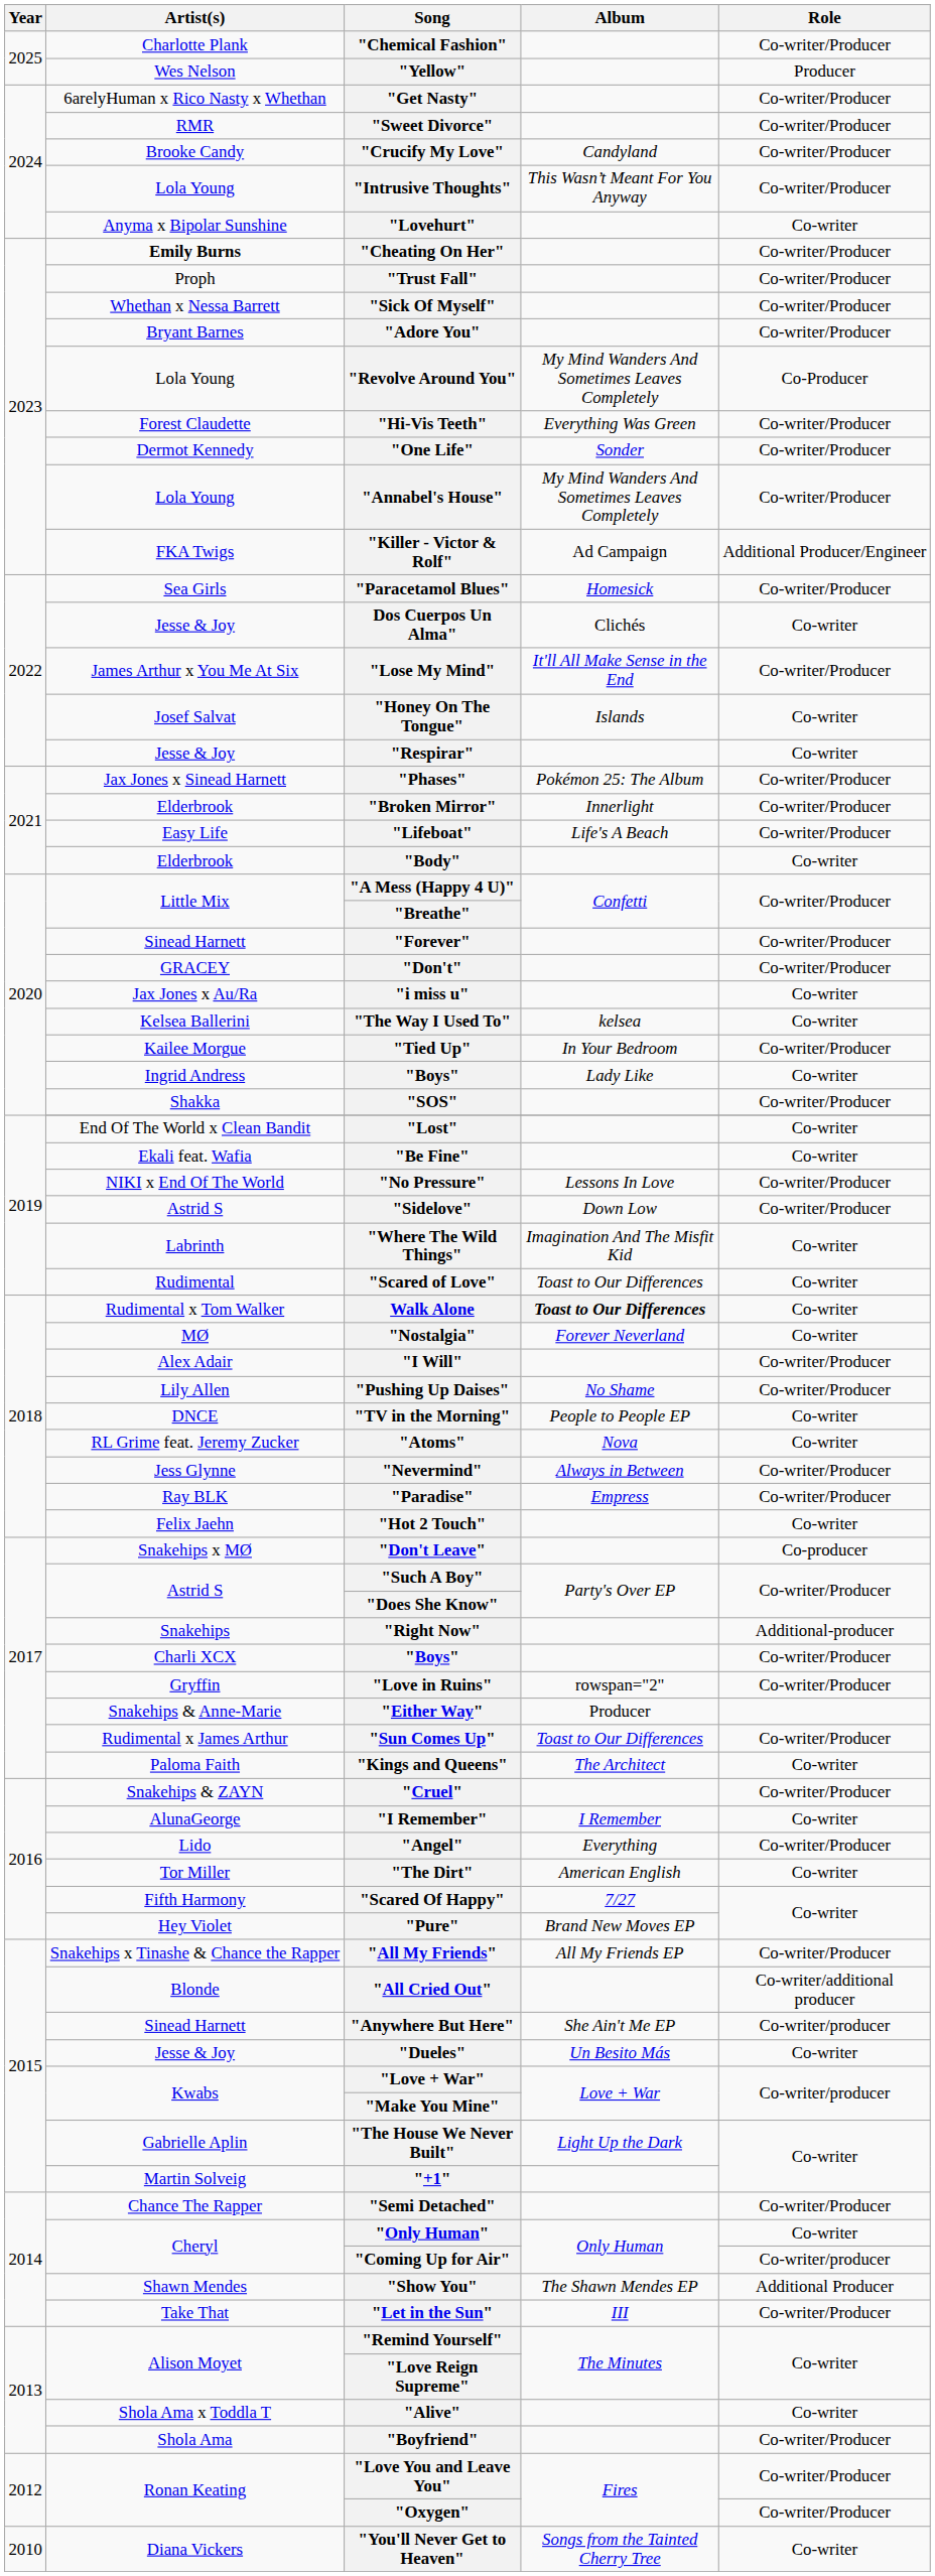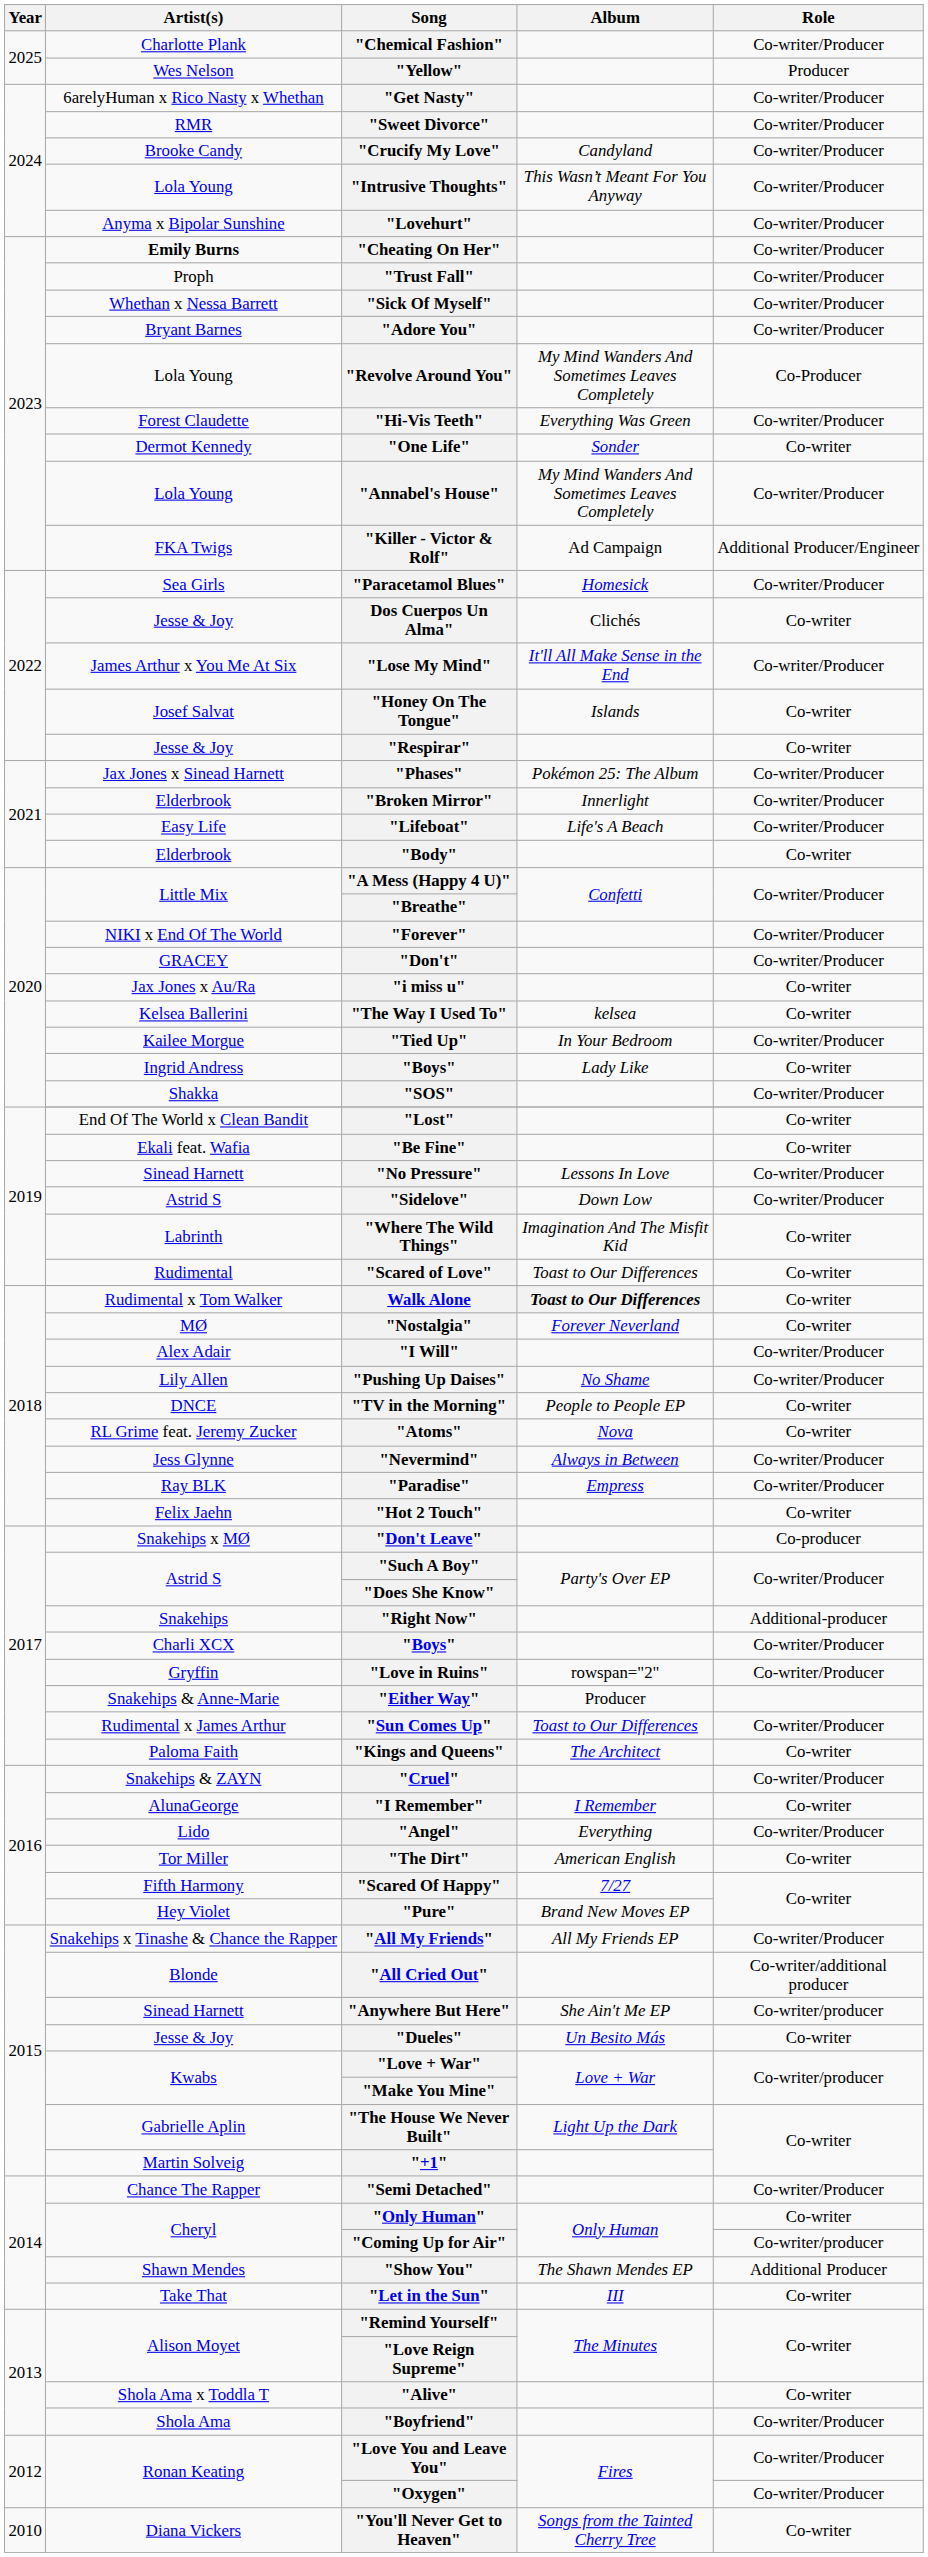 <table class="wikitable plainrowheaders" style="text-align:center;">
 <tr>
 <th scope="col">Year</th>
 <th scope="col">Artist(s)</th>
 <th scope="col" style="width:160px;">Song</th>
 <th scope="col" style="width:180px;">Album</th>
 <th scope="col">Role</th>
 </tr>
 <tr>
 <td rowspan="2">2025</td>
 <td><a href='#'>Charlotte Plank</a></td>
 <th scope="row">"Chemical Fashion"</th>
 <td></td>
 <td>Co-writer/Producer</td>
 </tr>
 <tr>
 <td><a href='#'>Wes Nelson</a></td>
 <th scope="row">"Yellow"</th>
 <td></td>
 <td>Producer</td>
 </tr>
 <tr>
 <td rowspan="5">2024</td>
 <td>6arelyHuman x <a href='#'>Rico Nasty</a> x <a href='#'>Whethan</a></td>
 <th scope="row">"Get Nasty"</th>
 <td></td>
 <td>Co-writer/Producer</td>
 </tr>
 <tr>
 <td><a href='#'>RMR</a></td>
 <th scope="row">"Sweet Divorce"</th>
 <td></td>
 <td>Co-writer/Producer</td>
 </tr>
 <tr>
 <td><a href='#'>Brooke Candy</a></td>
 <th scope="row">"Crucify My Love"</th>
 <td><em>Candyland</em></td>
 <td>Co-writer/Producer</td>
 </tr>
 <tr>
 <td><a href='#'>Lola Young</a></td>
 <th scope="row">"Intrusive Thoughts"</th>
 <td><em>This Wasn’t Meant For You Anyway</em></td>
 <td>Co-writer/Producer</td>
 </tr>
 <tr>
 <td><a href='#'>Anyma</a> x <a href='#'>Bipolar Sunshine</a></td>
 <th scope="row">"Lovehurt"</th>
 <td></td>
-<td>Co-writer</td>
+<td>Co-writer/Producer</td>
 </tr>
 <tr>
 <td rowspan="9">2023</td>
 <td><strong>Emily Burns</strong></td>
 <th scope="row">"Cheating On Her"</th>
 <td></td>
 <td>Co-writer/Producer</td>
 </tr>
 <tr>
 <td>Proph</td>
 <th scope="row">"Trust Fall"</th>
 <td></td>
 <td>Co-writer/Producer</td>
 </tr>
 <tr>
 <td><a href='#'>Whethan</a> x <a href='#'>Nessa Barrett</a></td>
 <th scope="row">"Sick Of Myself"</th>
 <td></td>
 <td>Co-writer/Producer</td>
 </tr>
 <tr>
 <td><a href='#'>Bryant Barnes</a></td>
 <th scope="row">"Adore You"</th>
 <td></td>
 <td>Co-writer/Producer</td>
 </tr>
 <tr>
 <td>Lola Young</td>
 <th scope="row">"Revolve Around You"</th>
 <td><em>My Mind Wanders And Sometimes Leaves Completely</em></td>
 <td>Co-Producer</td>
 </tr>
 <tr>
 <td><a href='#'>Forest Claudette</a></td>
 <th scope="row">"Hi-Vis Teeth"</th>
 <td><em>Everything Was Green</em></td>
 <td>Co-writer/Producer</td>
 </tr>
 <tr>
 <td><a href='#'>Dermot Kennedy</a></td>
 <th scope="row">"One Life"</th>
 <td><em><a href='#'>Sonder</a></em></td>
-<td>Co-writer/Producer</td>
+<td>Co-writer</td>
 </tr>
 <tr>
 <td><a href='#'>Lola Young</a></td>
 <th scope="row">"Annabel's House"</th>
 <td><em>My Mind Wanders And Sometimes Leaves Completely</em></td>
 <td>Co-writer/Producer</td>
 </tr>
 <tr>
 <td><a href='#'>FKA Twigs</a></td>
 <th scope="row">"Killer - Victor & Rolf"</th>
 <td>Ad Campaign</td>
 <td>Additional Producer/Engineer</td>
 </tr>
 <tr>
 <td rowspan="5">2022</td>
 <td><a href='#'>Sea Girls</a></td>
 <th scope="row">"Paracetamol Blues"</th>
 <td><em><a href='#'>Homesick</a></em></td>
 <td>Co-writer/Producer</td>
 </tr>
 <tr>
 <td><a href='#'>Jesse & Joy</a></td>
 <th scope="row">Dos Cuerpos Un Alma"</th>
 <td>Clichés</td>
 <td>Co-writer</td>
 </tr>
 <tr>
 <td><a href='#'>James Arthur</a> x <a href='#'>You Me At Six</a></td>
 <th scope="row">"Lose My Mind"</th>
 <td><em><a href='#'>It'll All Make Sense in the End</a></em></td>
 <td>Co-writer/Producer</td>
 </tr>
 <tr>
 <td><a href='#'>Josef Salvat</a></td>
 <th scope="row">"Honey On The Tongue"</th>
 <td><em>Islands</em></td>
 <td>Co-writer</td>
 </tr>
 <tr>
 <td><a href='#'>Jesse & Joy</a></td>
 <th scope="row">"Respirar"</th>
 <td></td>
 <td>Co-writer</td>
 </tr>
 <tr>
 <td rowspan="4">2021</td>
 <td><a href='#'>Jax Jones</a> x <a href='#'>Sinead Harnett</a></td>
 <th scope="row">"Phases"</th>
 <td><em>Pokémon 25: The Album</em></td>
 <td>Co-writer/Producer</td>
 </tr>
 <tr>
 <td><a href='#'>Elderbrook</a></td>
 <th scope="row">"Broken Mirror"</th>
 <td><em>Innerlight</em></td>
 <td>Co-writer/Producer</td>
 </tr>
 <tr>
 <td><a href='#'>Easy Life</a></td>
 <th scope="row">"Lifeboat"</th>
 <td><em>Life's A Beach</em></td>
 <td>Co-writer/Producer</td>
 </tr>
 <tr>
 <td><a href='#'>Elderbrook</a></td>
 <th scope="row">"Body"</th>
 <td></td>
 <td>Co-writer</td>
 </tr>
 <tr>
 <td rowspan="9">2020</td>
 <td rowspan="2"><a href='#'>Little Mix</a></td>
 <th scope="row">"A Mess (Happy 4 U)"</th>
 <td rowspan="2"><em><a href='#'>Confetti</a></em></td>
 <td rowspan="2">Co-writer/Producer</td>
 </tr>
 <tr>
 <th scope="row">"Breathe"</th>
 </tr>
 <tr>
-<td><a href='#'>Sinead Harnett</a></td>
+<td><a href='#'>NIKI</a> x <a href='#'>End Of The World</a></td>
 <th scope="row">"Forever"</th>
 <td><em></em></td>
 <td>Co-writer/Producer</td>
 </tr>
 <tr>
 <td><a href='#'>GRACEY</a></td>
 <th scope="row">"Don't"</th>
 <td><em></em></td>
 <td>Co-writer/Producer</td>
 </tr>
 <tr>
 <td><a href='#'>Jax Jones</a> x <a href='#'>Au/Ra</a></td>
 <th scope="row">"i miss u"</th>
 <td><em></em></td>
 <td>Co-writer</td>
 </tr>
 <tr>
 <td><a href='#'>Kelsea Ballerini</a></td>
 <th scope="row">"The Way I Used To"</th>
 <td><em>kelsea</em></td>
 <td>Co-writer</td>
 </tr>
 <tr>
 <td><a href='#'>Kailee Morgue</a></td>
 <th scope="row">"Tied Up"</th>
 <td><em>In Your Bedroom</em></td>
 <td>Co-writer/Producer</td>
 </tr>
 <tr>
 <td><a href='#'>Ingrid Andress</a></td>
 <th scope="row">"Boys"</th>
 <td><em>Lady Like</em></td>
 <td>Co-writer</td>
 </tr>
 <tr>
 <td><a href='#'>Shakka</a></td>
 <th scope="row">"SOS"</th>
 <td><em></em></td>
 <td>Co-writer/Producer</td>
 </tr>
 <tr>
 <td rowspan="7">2019</td>
 </tr>
 <tr>
 <td>End Of The World x <a href='#'>Clean Bandit</a></td>
 <th scope="row">"Lost"</th>
 <td></td>
 <td>Co-writer</td>
 </tr>
 <tr>
 <td><a href='#'>Ekali</a> feat. <a href='#'>Wafia</a></td>
 <th scope="row">"Be Fine"</th>
 <td></td>
 <td>Co-writer</td>
 </tr>
 <tr>
-<td><a href='#'>NIKI</a> x <a href='#'>End Of The World</a></td>
+<td><a href='#'>Sinead Harnett</a></td>
 <th scope="row">"No Pressure"</th>
 <td><em>Lessons In Love</em></td>
 <td>Co-writer/Producer</td>
 </tr>
 <tr>
 <td><a href='#'>Astrid S</a></td>
 <th scope="row">"Sidelove"</th>
 <td><em>Down Low</em></td>
 <td>Co-writer/Producer</td>
 </tr>
 <tr>
 <td><a href='#'>Labrinth</a></td>
 <th scope="row">"Where The Wild Things"</th>
 <td><em>Imagination And The Misfit Kid</em></td>
 <td>Co-writer</td>
 </tr>
 <tr>
 <td><a href='#'>Rudimental</a></td>
 <th scope="row">"Scared of Love"<br></th>
 <td><em>Toast to Our Differences</em></td>
 <td>Co-writer</td>
 </tr>
 <tr>
 <td rowspan="10">2018</td>
 </tr>
 <tr>
 <td><a href='#'>Rudimental</a> x <a href='#'>Tom Walker</a></td>
 <th scope="row"><a href='#'>Walk Alone</a></th>
 <th scope="row"><em>Toast to Our Differences</em></th>
 <td>Co-writer</td>
 </tr>
 <tr>
 <td><a href='#'>MØ</a></td>
 <th scope="row">"Nostalgia"</th>
 <td><em><a href='#'>Forever Neverland</a></em></td>
 <td>Co-writer</td>
 </tr>
 <tr>
 <td><a href='#'>Alex Adair</a></td>
 <th scope="row">"I Will"</th>
 <td></td>
 <td>Co-writer/Producer<br></td>
 </tr>
 <tr>
 <td><a href='#'>Lily Allen</a></td>
 <th scope="row">"Pushing Up Daises"</th>
 <td><em><a href='#'>No Shame</a></em></td>
 <td>Co-writer/Producer</td>
 </tr>
 <tr>
 <td><a href='#'>DNCE</a></td>
 <th scope="row">"TV in the Morning"</th>
 <td><em>People to People EP</em></td>
 <td>Co-writer</td>
 </tr>
 <tr>
 <td><a href='#'>RL Grime</a> feat. <a href='#'>Jeremy Zucker</a></td>
 <th scope="row">"Atoms"</th>
 <td><em><a href='#'>Nova</a></em></td>
 <td>Co-writer</td>
 </tr>
 <tr>
 <td><a href='#'>Jess Glynne</a></td>
 <th scope="row">"Nevermind"</th>
 <td><em><a href='#'>Always in Between</a></em></td>
 <td>Co-writer/Producer</td>
 </tr>
 <tr>
 <td><a href='#'>Ray BLK</a></td>
 <th scope="row">"Paradise"</th>
 <td><em><a href='#'>Empress</a></em></td>
 <td>Co-writer/Producer</td>
 </tr>
 <tr>
 <td><a href='#'>Felix Jaehn</a></td>
 <th scope="row">"Hot 2 Touch"</th>
 <td></td>
 <td>Co-writer</td>
 </tr>
 <tr>
 <td rowspan="9">2017</td>
 <td><a href='#'>Snakehips</a> x <a href='#'>MØ</a></td>
 <th scope="row">"<a href='#'>Don't Leave</a>"</th>
 <td></td>
 <td>Co-producer</td>
 </tr>
 <tr>
 <td rowspan="2"><a href='#'>Astrid S</a></td>
 <th scope="row">"Such A Boy"</th>
 <td rowspan="2"><em>Party's Over EP</em></td>
 <td rowspan="2">Co-writer/Producer</td>
 </tr>
 <tr>
 <th scope="row">"Does She Know"</th>
 </tr>
 <tr>
 <td><a href='#'>Snakehips</a></td>
 <th scope="row">"Right Now"<br></th>
 <td></td>
 <td>Additional-producer</td>
 </tr>
 <tr>
 <td><a href='#'>Charli XCX</a></td>
 <th scope="row">"<a href='#'>Boys</a>"</th>
 <td><em></em></td>
 <td>Co-writer/Producer</td>
 </tr>
 <tr>
 <td><a href='#'>Gryffin</a></td>
 <th scope="row">"Love in Ruins"<br></th>
 <td>rowspan="2" </td>
 <td>Co-writer/Producer</td>
 </tr>
 <tr>
 <td><a href='#'>Snakehips</a> & <a href='#'>Anne-Marie</a></td>
 <th scope="row">"<a href='#'>Either Way</a>"</th>
 <td>Producer</td>
 </tr>
 <tr>
 <td><a href='#'>Rudimental</a> x <a href='#'>James Arthur</a></td>
 <th scope="row">"<a href='#'>Sun Comes Up</a>"</th>
 <td><em><a href='#'>Toast to Our Differences</a></em></td>
 <td>Co-writer/Producer</td>
 </tr>
 <tr>
 <td><a href='#'>Paloma Faith</a></td>
 <th scope="row">"Kings and Queens"</th>
 <td><em><a href='#'>The Architect</a></em></td>
 <td>Co-writer</td>
 </tr>
 <tr>
 <td rowspan="6">2016</td>
 <td><a href='#'>Snakehips</a> & <a href='#'>ZAYN</a></td>
 <th scope="row">"<a href='#'>Cruel</a>"</th>
 <td></td>
 <td>Co-writer/Producer</td>
 </tr>
 <tr>
 <td><a href='#'>AlunaGeorge</a></td>
 <th scope="row">"I Remember"</th>
 <td><em><a href='#'>I Remember</a></em></td>
 <td>Co-writer</td>
 </tr>
 <tr>
 <td><a href='#'>Lido</a></td>
 <th scope="row">"Angel"</th>
 <td><em>Everything</em></td>
 <td>Co-writer/Producer</td>
 </tr>
 <tr>
 <td><a href='#'>Tor Miller</a></td>
 <th scope="row">"The Dirt"</th>
 <td><em>American English</em></td>
 <td>Co-writer</td>
 </tr>
 <tr>
 <td><a href='#'>Fifth Harmony</a></td>
 <th scope="row">"Scared Of Happy"</th>
 <td><em><a href='#'>7/27</a></em></td>
 <td rowspan="2">Co-writer</td>
 </tr>
 <tr>
 <td><a href='#'>Hey Violet</a></td>
 <th scope="row">"Pure"</th>
 <td><em>Brand New Moves EP</em></td>
 </tr>
 <tr>
 <td rowspan="8">2015</td>
 <td rowspan="1"><a href='#'>Snakehips</a> x <a href='#'>Tinashe</a> & <a href='#'>Chance the Rapper</a></td>
 <th scope="row">"<a href='#'>All My Friends</a>"</th>
 <td><em>All My Friends EP</em></td>
 <td>Co-writer/Producer</td>
 </tr>
 <tr>
 <td><a href='#'>Blonde</a></td>
 <th scope="row">"<a href='#'>All Cried Out</a>"<br></th>
 <td></td>
 <td>Co-writer/additional<br>producer</td>
 </tr>
 <tr>
 <td><a href='#'>Sinead Harnett</a></td>
 <th scope="row">"Anywhere But Here"</th>
 <td><em>She Ain't Me EP</em></td>
 <td>Co-writer/producer</td>
 </tr>
 <tr>
 <td><a href='#'>Jesse & Joy</a></td>
 <th scope="row">"Dueles"</th>
 <td><em><a href='#'>Un Besito Más</a></em></td>
 <td>Co-writer</td>
 </tr>
 <tr>
 <td rowspan="2"><a href='#'>Kwabs</a></td>
 <th scope="row">"Love + War"</th>
 <td rowspan="2"><em><a href='#'>Love + War</a></em></td>
 <td rowspan="2">Co-writer/producer</td>
 </tr>
 <tr>
 <th scope="row">"Make You Mine"</th>
 </tr>
 <tr>
 <td><a href='#'>Gabrielle Aplin</a></td>
 <th scope="row">"The House We Never Built"</th>
 <td><em><a href='#'>Light Up the Dark</a></em></td>
 <td rowspan="2">Co-writer</td>
 </tr>
 <tr>
 <td><a href='#'>Martin Solveig</a></td>
 <th scope="row">"<a href='#'>+1</a>"<br></th>
 <td></td>
 </tr>
 <tr>
 <td rowspan="5">2014</td>
 <td><a href='#'>Chance The Rapper</a></td>
 <th scope="row">"Semi Detached"<br></th>
 <td></td>
 <td>Co-writer/Producer</td>
 </tr>
 <tr>
 <td rowspan="2"><a href='#'>Cheryl</a></td>
 <th scope="row">"<a href='#'>Only Human</a>"</th>
 <td rowspan="2"><em><a href='#'>Only Human</a></em></td>
 <td>Co-writer</td>
 </tr>
 <tr>
 <th scope="row">"Coming Up for Air"<br></th>
 <td>Co-writer/producer</td>
 </tr>
 <tr>
 <td><a href='#'>Shawn Mendes</a></td>
 <th scope="row">"Show You"</th>
 <td><em>The Shawn Mendes EP</em></td>
 <td>Additional Producer</td>
 </tr>
 <tr>
 <td><a href='#'>Take That</a></td>
 <th scope="row">"<a href='#'>Let in the Sun</a>"</th>
 <td><em><a href='#'>III</a></em></td>
-<td>Co-writer/Producer</td>
+<td>Co-writer</td>
 </tr>
 <tr>
 <td rowspan="4">2013</td>
 <td rowspan="2"><a href='#'>Alison Moyet</a></td>
 <th scope="row">"Remind Yourself"</th>
 <td rowspan="2"><em><a href='#'>The Minutes</a></em></td>
 <td rowspan="2">Co-writer<br></td>
 </tr>
 <tr>
 <th scope="row">"Love Reign Supreme"</th>
 </tr>
 <tr>
 <td><a href='#'>Shola Ama</a> x <a href='#'>Toddla T</a></td>
 <th scope="row">"Alive"</th>
 <td></td>
 <td>Co-writer</td>
 </tr>
 <tr>
 <td><a href='#'>Shola Ama</a></td>
 <th scope="row">"Boyfriend"</th>
 <td></td>
 <td>Co-writer/Producer</td>
 </tr>
 <tr>
 <td rowspan="2">2012</td>
 <td rowspan="2"><a href='#'>Ronan Keating</a></td>
 <th scope="row">"Love You and Leave You"</th>
 <td rowspan="2"><em><a href='#'>Fires</a></em></td>
 <td>Co-writer/Producer</td>
 </tr>
 <tr>
 <th scope="row">"Oxygen"</th>
 <td>Co-writer/Producer</td>
 </tr>
 <tr>
 <td>2010</td>
 <td><a href='#'>Diana Vickers</a></td>
 <th scope="row">"You'll Never Get to Heaven"</th>
 <td><em><a href='#'>Songs from the Tainted Cherry Tree</a></em></td>
 <td>Co-writer</td>
 </tr>
 <tr>
 </tr>
 </table>
